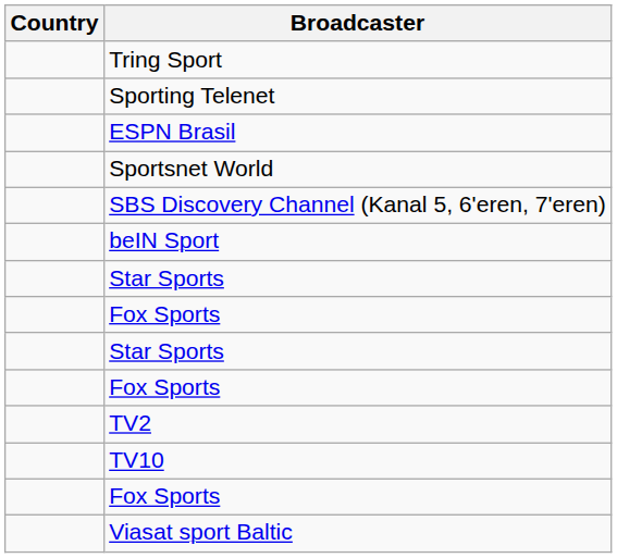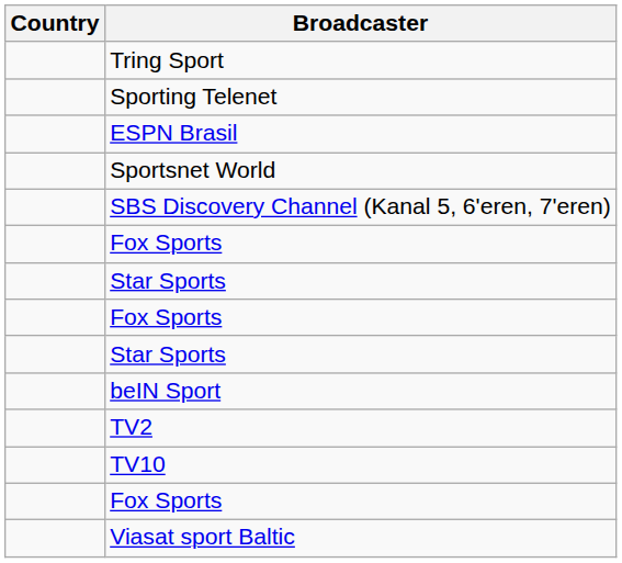 <table class="wikitable">
 <tr>
 <th>Country</th>
 <th>Broadcaster</th>
 </tr>
 <tr>
 <td></td>
 <td>Tring Sport</td>
 </tr>
 <tr>
 <td></td>
 <td>Sporting Telenet</td>
 </tr>
 <tr>
 <td></td>
 <td><a href='#'>ESPN Brasil</a></td>
 </tr>
 <tr>
 <td></td>
 <td>Sportsnet World</td>
 </tr>
 <tr>
 <td></td>
 <td><a href='#'>SBS Discovery Channel</a> (Kanal 5, 6'eren, 7'eren)</td>
 </tr>
 <tr>
 <td></td>
-<td><a href='#'>beIN Sport</a></td>
+<td><a href='#'>Fox Sports</a></td>
 </tr>
 <tr>
 <td></td>
 <td><a href='#'>Star Sports</a></td>
 </tr>
 <tr>
 <td></td>
 <td><a href='#'>Fox Sports</a></td>
 </tr>
 <tr>
 <td></td>
 <td><a href='#'>Star Sports</a></td>
 </tr>
 <tr>
 <td></td>
-<td><a href='#'>Fox Sports</a></td>
+<td><a href='#'>beIN Sport</a></td>
 </tr>
 <tr>
 <td></td>
 <td><a href='#'>TV2</a></td>
 </tr>
 <tr>
 <td></td>
 <td><a href='#'>TV10</a></td>
 </tr>
 <tr>
 <td></td>
 <td><a href='#'>Fox Sports</a></td>
 </tr>
 <tr>
 <td></td>
 <td><a href='#'>Viasat sport Baltic</a></td>
 </tr>
 </table>
